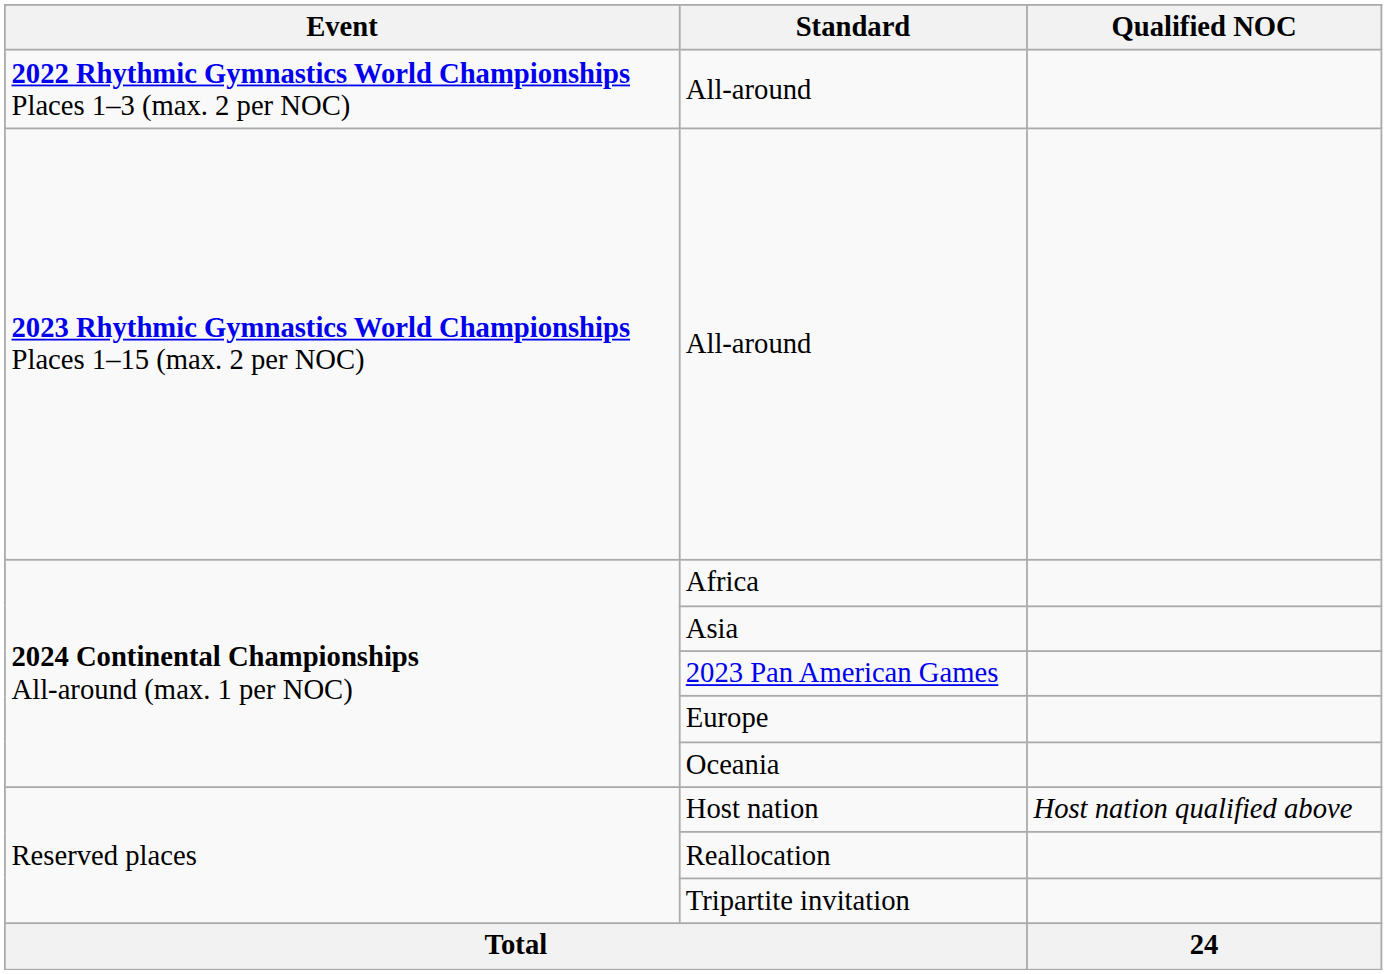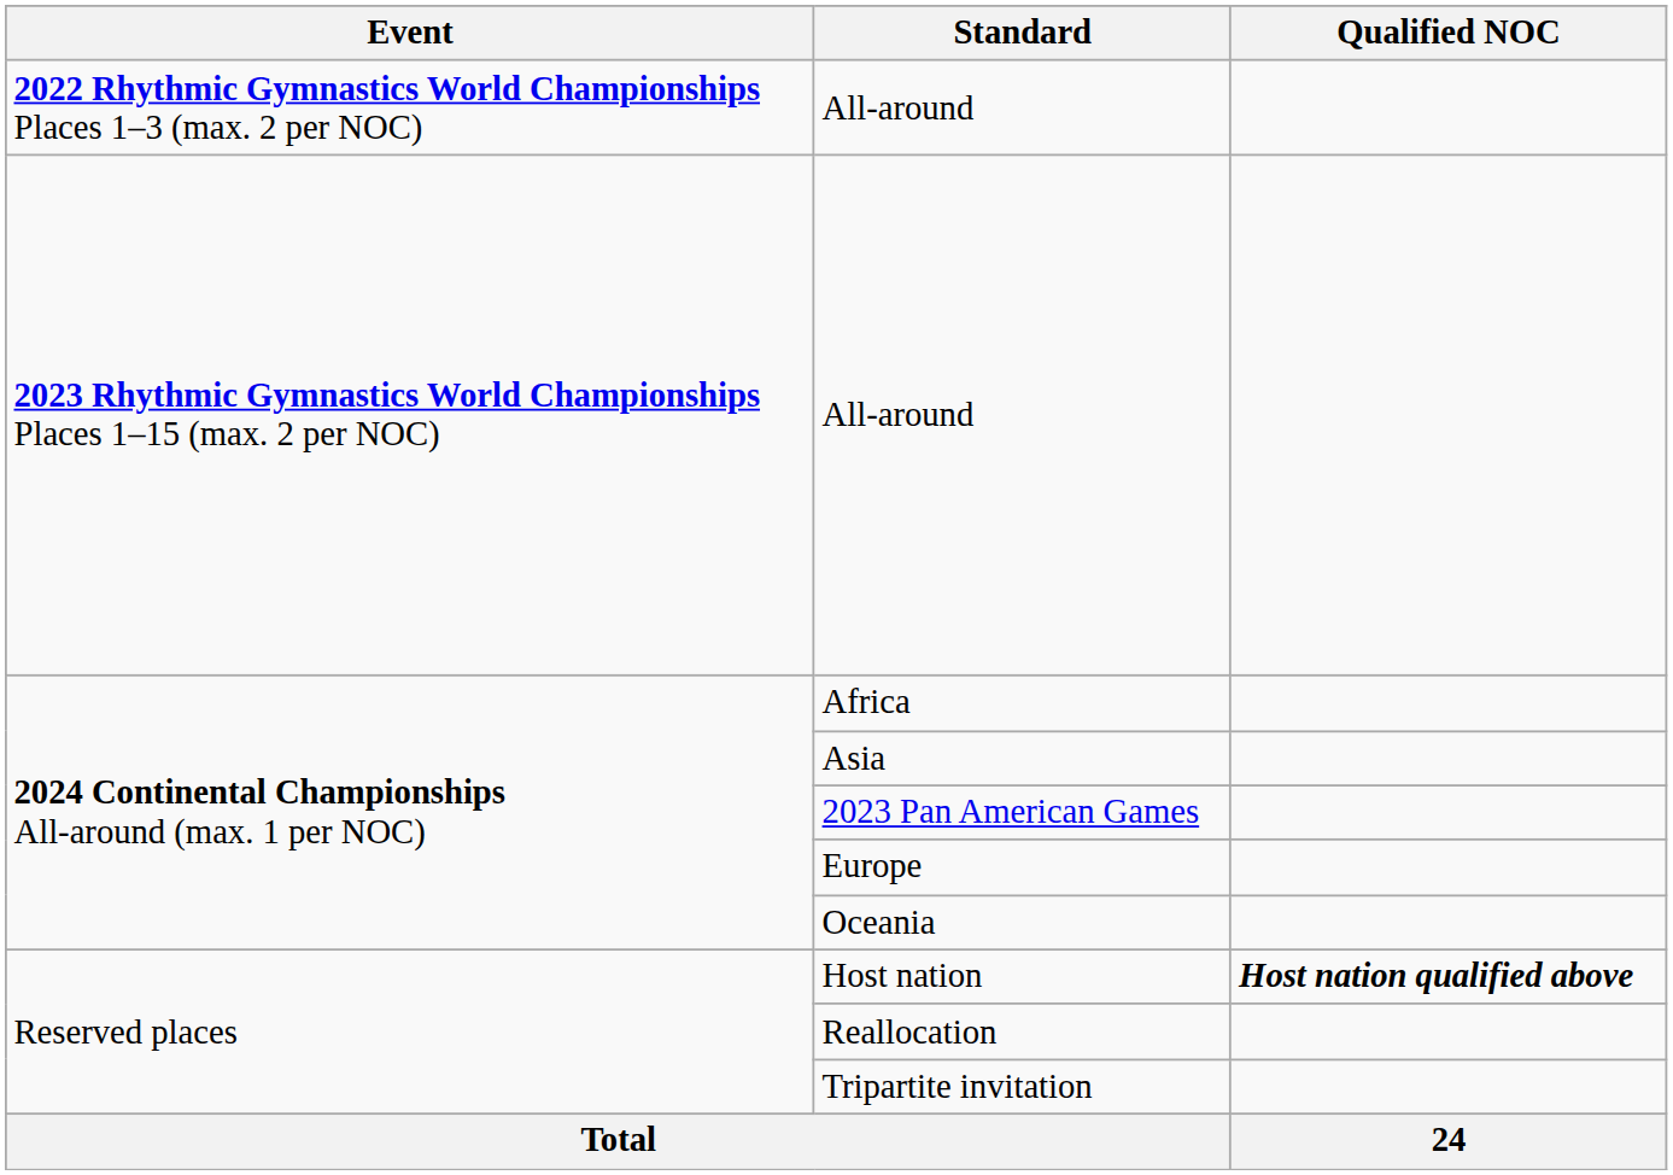 <table class="wikitable" style="width:770px;">
 <tr>
 <th>Event</th>
 <th>Standard</th>
 <th>Qualified NOC</th>
 </tr>
 <tr>
 <td><strong><a href='#'>2022 Rhythmic Gymnastics World Championships</a></strong><br>Places 1–3 (max. 2 per NOC)</td>
 <td>All-around</td>
 <td><br><br></td>
 </tr>
 <tr>
 <td><strong><a href='#'>2023 Rhythmic Gymnastics World Championships</a></strong><br>Places 1–15 (max. 2 per NOC)</td>
 <td>All-around</td>
 <td><br><br><br><br><br><br><br><br><br><br><br><br><br></td>
 </tr>
 <tr>
 <td rowspan="5"><strong>2024 Continental Championships</strong><br>All-around (max. 1 per NOC)</td>
 <td>Africa</td>
 <td></td>
 </tr>
 <tr>
 <td>Asia</td>
 <td></td>
 </tr>
 <tr>
 <td><a href='#'>2023 Pan American Games</a></td>
 <td></td>
 </tr>
 <tr>
 <td>Europe</td>
 <td></td>
 </tr>
 <tr>
 <td>Oceania</td>
 <td></td>
 </tr>
 <tr>
 <td rowspan=3>Reserved places</td>
 <td>Host nation</td>
-<td><em>Host nation qualified above</em></td>
+<td><strong><em>Host nation qualified above</em></strong></td>
 </tr>
 <tr>
 <td>Reallocation</td>
 <td></td>
 </tr>
 <tr>
 <td>Tripartite invitation</td>
 <td></td>
 </tr>
 <tr>
 <th colspan="2">Total</th>
 <th>24</th>
 </tr>
 </table>
